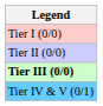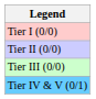 <table class="wikitable">
 <tr>
 <th>Legend</th>
 </tr>
 <tr>
 <td bgcolor="#ffcccc">Tier I (0/0)</td>
 </tr>
 <tr>
 <td bgcolor="#ccccff">Tier II (0/0)</td>
 </tr>
 <tr>
-<td bgcolor="#CCFFCC"><strong>Tier III (0/0)</strong></td>
+<td bgcolor="#CCFFCC">Tier III (0/0)</td>
 </tr>
 <tr>
 <td bgcolor="#66CCFF">Tier IV & V (0/1)</td>
 </tr>
 </table>
